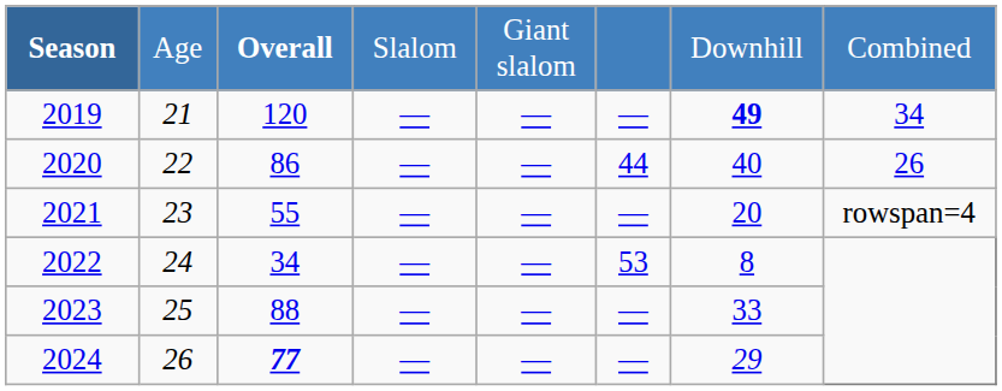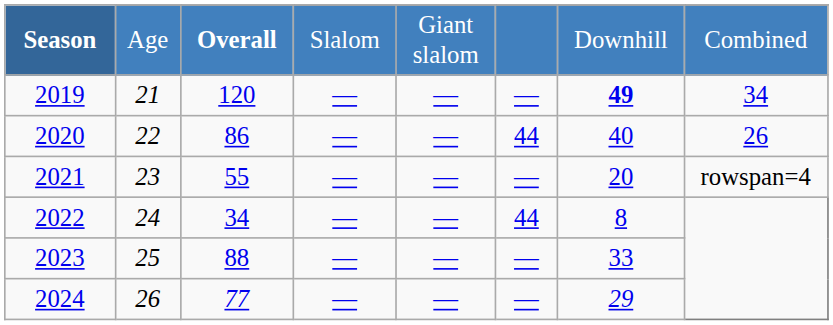 <table class="wikitable"  style="font-size:95%; text-align:center; border:gray solid 1px; width:40%;">
 <tr style="background:#369; color:white;">
 <td rowspan="2" style="width:6%;"><strong>Season</strong></td>
 </tr>
 <tr style="background:#4180be; color:white;">
 <td style="width:3%;">Age</td>
 <td style="width:5%;"><strong>Overall</strong></td>
 <td style="width:5%;">Slalom</td>
 <td style="width:5%;">Giant<br>slalom</td>
 <td style="width:5%;"></td>
 <td style="width:5%;">Downhill</td>
 <td style="width:5%;">Combined</td>
 </tr>
 <tr>
 <td><a href='#'>2019</a></td>
 <td><em>21</em></td>
 <td><a href='#'>120</a></td>
 <td><a href='#'>—</a></td>
 <td><a href='#'>—</a></td>
 <td><a href='#'>—</a></td>
 <td><strong><a href='#'>49</a></strong></td>
 <td><a href='#'>34</a></td>
 </tr>
 <tr>
 <td><a href='#'>2020</a></td>
 <td><em>22</em></td>
 <td><a href='#'>86</a></td>
 <td><a href='#'>—</a></td>
 <td><a href='#'>—</a></td>
 <td><a href='#'>44</a></td>
 <td><a href='#'>40</a></td>
 <td><a href='#'>26</a></td>
 </tr>
 <tr>
 <td><a href='#'>2021</a></td>
 <td><em>23</em></td>
 <td><a href='#'>55</a></td>
 <td><a href='#'>—</a></td>
 <td><a href='#'>—</a></td>
 <td><a href='#'>—</a></td>
 <td><a href='#'>20</a></td>
 <td>rowspan=4 </td>
 </tr>
 <tr>
 <td><a href='#'>2022</a></td>
 <td><em>24</em></td>
 <td><a href='#'>34</a></td>
 <td><a href='#'>—</a></td>
 <td><a href='#'>—</a></td>
-<td><a href='#'>53</a></td>
+<td><a href='#'>44</a></td>
 <td><a href='#'>8</a></td>
 </tr>
 <tr>
 <td><a href='#'>2023</a></td>
 <td><em>25</em></td>
 <td><a href='#'>88</a></td>
 <td><a href='#'>—</a></td>
 <td><a href='#'>—</a></td>
 <td><a href='#'>—</a></td>
 <td><a href='#'>33</a></td>
 </tr>
 <tr>
 <td><a href='#'>2024</a></td>
 <td><em>26</em></td>
-<td><strong><a href='#'><em>77</em></a></strong></td>
+<td><a href='#'><em>77</em></a></td>
 <td><a href='#'>—</a></td>
 <td><a href='#'>—</a></td>
 <td><a href='#'>—</a></td>
 <td><a href='#'><em>29</em></a></td>
 </tr>
 </table>
